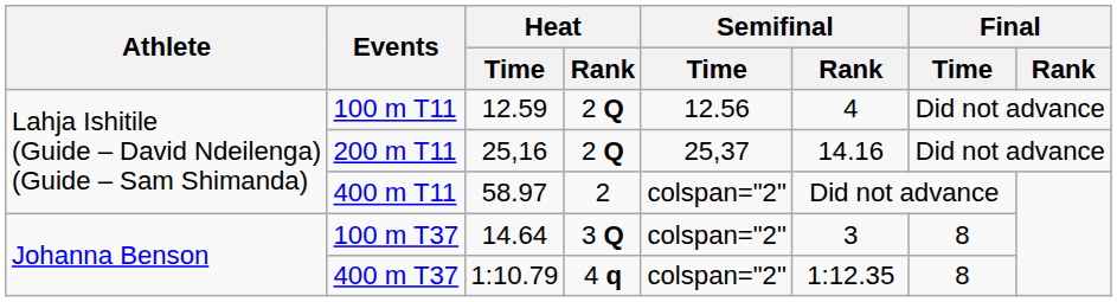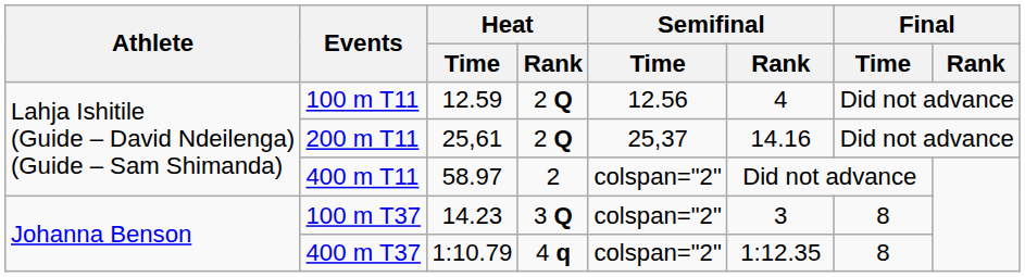 <table class=wikitable style="font-size:90%">
 <tr>
 <th rowspan="2">Athlete</th>
 <th rowspan="2">Events</th>
 <th colspan="2">Heat</th>
 <th colspan="2">Semifinal</th>
 <th colspan="2">Final</th>
 </tr>
 <tr>
 <th>Time</th>
 <th>Rank</th>
 <th>Time</th>
 <th>Rank</th>
 <th>Time</th>
 <th>Rank</th>
 </tr>
 <tr align=center>
 <td rowspan="3" align="left">Lahja Ishitile<br>(Guide – David Ndeilenga)<br>(Guide – Sam Shimanda)</td>
 <td align=left><a href='#'>100 m T11</a></td>
 <td>12.59</td>
 <td>2 <strong>Q</strong></td>
 <td>12.56</td>
 <td>4</td>
 <td colspan=2>Did not advance</td>
 </tr>
 <tr align=center>
 <td align=left><a href='#'>200 m T11</a></td>
-<td>25,16</td>
+<td>25,61</td>
 <td>2 <strong>Q</strong></td>
 <td>25,37</td>
 <td>14.16</td>
 <td colspan="2">Did not advance</td>
 </tr>
 <tr align="center">
 <td align=left><a href='#'>400 m T11</a></td>
 <td>58.97</td>
 <td>2</td>
 <td>colspan="2" </td>
 <td colspan="2">Did not advance</td>
 </tr>
 <tr align="center">
 <td rowspan="2" align="left"><a href='#'>Johanna Benson</a></td>
 <td align="left"><a href='#'>100 m T37</a></td>
-<td>14.64</td>
+<td>14.23</td>
 <td>3 <strong>Q</strong></td>
 <td>colspan="2" </td>
 <td>3</td>
 <td>8</td>
 </tr>
 <tr align=center>
 <td align=left><a href='#'>400 m T37</a></td>
 <td>1:10.79</td>
 <td>4 <strong>q</strong></td>
 <td>colspan="2" </td>
 <td>1:12.35</td>
 <td>8</td>
 </tr>
 </table>
